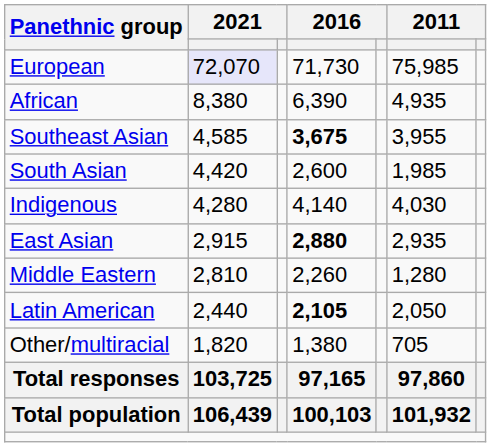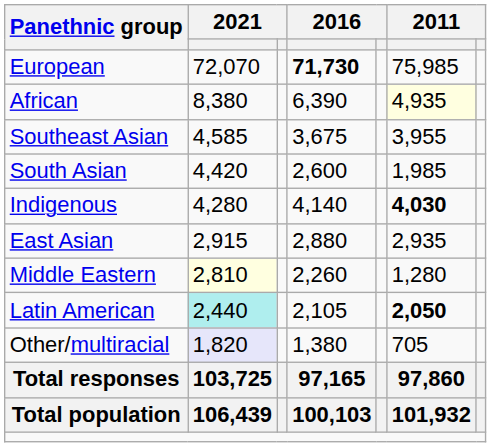 <table class="wikitable collapsible sortable">
 <tr>
 <th rowspan="2"><a href='#'>Panethnic</a> group</th>
 <th colspan="2">2021</th>
 <th colspan="2">2016</th>
 <th colspan="2">2011</th>
 </tr>
 <tr>
 <th><a href='#'></a></th>
 <th></th>
 <th></th>
 <th></th>
 <th></th>
 <th></th>
 </tr>
 <tr>
 <td><a href='#'>European</a></td>
-<td style="background: lavender;">72,070</td>
+<td>72,070</td>
 <td></td>
-<td>71,730</td>
+<td><strong>71,730</strong></td>
 <td></td>
 <td>75,985</td>
 <td></td>
 </tr>
 <tr>
 <td><a href='#'>African</a></td>
 <td>8,380</td>
 <td></td>
 <td>6,390</td>
 <td></td>
-<td>4,935</td>
+<td style="background: lightyellow;">4,935</td>
 <td></td>
 </tr>
 <tr>
 <td><a href='#'>Southeast Asian</a></td>
 <td>4,585</td>
 <td></td>
-<td><strong>3,675</strong></td>
+<td>3,675</td>
 <td></td>
 <td>3,955</td>
 <td></td>
 </tr>
 <tr>
 <td><a href='#'>South Asian</a></td>
 <td>4,420</td>
 <td></td>
 <td>2,600</td>
 <td></td>
 <td>1,985</td>
 <td></td>
 </tr>
 <tr>
 <td><a href='#'>Indigenous</a></td>
 <td>4,280</td>
 <td></td>
 <td>4,140</td>
 <td></td>
-<td>4,030</td>
+<td><strong>4,030</strong></td>
 <td></td>
 </tr>
 <tr>
 <td><a href='#'>East Asian</a></td>
 <td>2,915</td>
 <td></td>
-<td><strong>2,880</strong></td>
+<td>2,880</td>
 <td></td>
 <td>2,935</td>
 <td></td>
 </tr>
 <tr>
 <td><a href='#'>Middle Eastern</a></td>
-<td>2,810</td>
+<td style="background: lightyellow;">2,810</td>
 <td></td>
 <td>2,260</td>
 <td></td>
 <td>1,280</td>
 <td></td>
 </tr>
 <tr>
 <td><a href='#'>Latin American</a></td>
-<td>2,440</td>
+<td style="background: paleturquoise;">2,440</td>
 <td></td>
-<td><strong>2,105</strong></td>
+<td>2,105</td>
 <td></td>
-<td>2,050</td>
+<td><strong>2,050</strong></td>
 <td></td>
 </tr>
 <tr>
 <td>Other/<a href='#'>multiracial</a></td>
-<td>1,820</td>
+<td style="background: lavender;">1,820</td>
 <td></td>
 <td>1,380</td>
 <td></td>
 <td>705</td>
 <td></td>
 </tr>
 <tr>
 <th>Total responses</th>
 <th>103,725</th>
 <th></th>
 <th>97,165</th>
 <th></th>
 <th>97,860</th>
 <th></th>
 </tr>
 <tr class="sortbottom">
 <th>Total population</th>
 <th>106,439</th>
 <th></th>
 <th>100,103</th>
 <th></th>
 <th>101,932</th>
 <th></th>
 </tr>
 <tr class="sortbottom">
 <td colspan="15"></td>
 </tr>
 </table>
